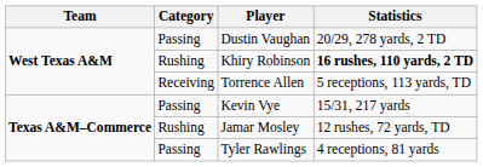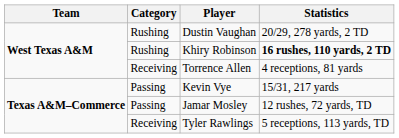 <table class="wikitable" style="float: left;">
 <tr>
 <th>Team</th>
 <th>Category</th>
 <th>Player</th>
 <th>Statistics</th>
 </tr>
 <tr>
 <td rowspan=3><strong>West Texas A&M</strong></td>
-<td>Passing</td>
+<td>Rushing</td>
 <td>Dustin Vaughan</td>
 <td>20/29, 278 yards, 2 TD</td>
 </tr>
 <tr>
 <td>Rushing</td>
 <td>Khiry Robinson</td>
 <td><strong>16 rushes, 110 yards, 2 TD</strong></td>
 </tr>
 <tr>
 <td>Receiving</td>
 <td>Torrence Allen</td>
-<td>5 receptions, 113 yards, TD</td>
+<td>4 receptions, 81 yards</td>
 </tr>
 <tr>
 <td rowspan=3><strong>Texas A&M–Commerce</strong></td>
 <td>Passing</td>
 <td>Kevin Vye</td>
 <td>15/31, 217 yards</td>
 </tr>
 <tr>
-<td>Rushing</td>
+<td>Passing</td>
 <td>Jamar Mosley</td>
 <td>12 rushes, 72 yards, TD</td>
 </tr>
 <tr>
-<td>Passing</td>
+<td>Receiving</td>
 <td>Tyler Rawlings</td>
-<td>4 receptions, 81 yards</td>
+<td>5 receptions, 113 yards, TD</td>
 </tr>
 </table>
